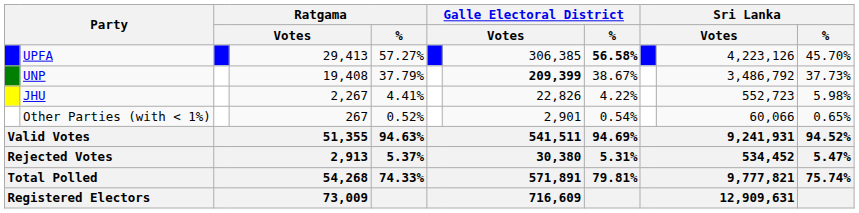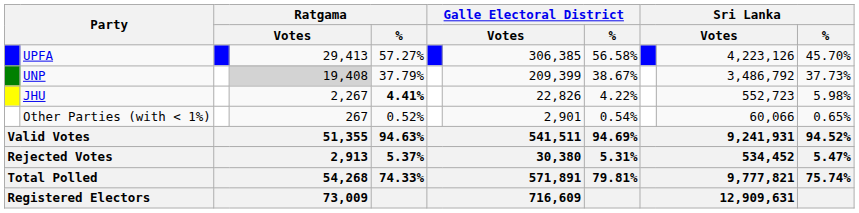 <table class="wikitable">
 <tr>
 <th colspan="2" width="144px"rowspan="2">Party</th>
 <th colspan="3" width="216px">Ratgama</th>
 <th colspan="3" width="216px"><a href='#'>Galle Electoral District</a></th>
 <th colspan="3" width="216px">Sri Lanka</th>
 </tr>
 <tr>
 <th colspan="2" width="144px">Votes</th>
 <th>%</th>
 <th colspan="2" width="144px">Votes</th>
 <th>%</th>
 <th colspan="2" width="144px">Votes</th>
 <th>%</th>
 </tr>
 <tr>
 <td style="background-color:blue;" width="10px"></td>
 <td style="text-align:left;"><a href='#'>UPFA</a></td>
 <td style="background-color:blue;" width="10px"></td>
 <td style="text-align:right;">29,413</td>
 <td style="text-align:right;">57.27%</td>
 <td style="background-color:blue;" width="10px"></td>
 <td style="text-align:right;">306,385</td>
-<td style="text-align:right;"><strong>56.58%</strong></td>
+<td style="text-align:right;">56.58%</td>
 <td style="background-color:blue;" width="10px"></td>
 <td style="text-align:right;">4,223,126</td>
 <td style="text-align:right;">45.70%</td>
 </tr>
 <tr>
 <td style="background-color:green;" width="10px"></td>
 <td style="text-align:left;"><a href='#'>UNP</a></td>
 <td style="background-color:white;" width="10px"></td>
-<td style="text-align:right;">19,408</td>
+<td style="background: lightgrey; text-align:right;">19,408</td>
 <td style="text-align:right;">37.79%</td>
 <td style="background-color:white;" width="10px"></td>
-<td style="text-align:right;"><strong>209,399</strong></td>
+<td style="text-align:right;">209,399</td>
 <td style="text-align:right;">38.67%</td>
 <td style="background-color:white;" width="10px"></td>
 <td style="text-align:right;">3,486,792</td>
 <td style="text-align:right;">37.73%</td>
 </tr>
 <tr>
 <td style="background-color:yellow;" width="10px"></td>
 <td style="text-align:left;"><a href='#'>JHU</a></td>
 <td style="background-color:white;" width="10px"></td>
 <td style="text-align:right;">2,267</td>
-<td style="text-align:right;">4.41%</td>
+<td style="text-align:right;"><strong>4.41%</strong></td>
 <td style="background-color:white;" width="10px"></td>
 <td style="text-align:right;">22,826</td>
 <td style="text-align:right;">4.22%</td>
 <td style="background-color:white;" width="10px"></td>
 <td style="text-align:right;">552,723</td>
 <td style="text-align:right;">5.98%</td>
 </tr>
 <tr>
 <td style="background-color:white;" width="10px"></td>
 <td style="text-align:left;">Other Parties (with < 1%)</td>
 <td style="background-color:white;" width="10px"></td>
 <td style="text-align:right;">267</td>
 <td style="text-align:right;">0.52%</td>
 <td style="background-color:white;" width="10px"></td>
 <td style="text-align:right;">2,901</td>
 <td style="text-align:right;">0.54%</td>
 <td style="background-color:white;" width="10px"></td>
 <td style="text-align:right;">60,066</td>
 <td style="text-align:right;">0.65%</td>
 </tr>
 <tr>
 <th colspan="2" width="144px"style="text-align:left;">Valid Votes</th>
 <th style="text-align:right;"colspan="2" width="144px">51,355</th>
 <th style="text-align:right;">94.63%</th>
 <th style="text-align:right;"colspan="2" width="144px">541,511</th>
 <th style="text-align:right;">94.69%</th>
 <th style="text-align:right;"colspan="2" width="144px">9,241,931</th>
 <th style="text-align:right;">94.52%</th>
 </tr>
 <tr>
 <th colspan="2" width="144px"style="text-align:left;">Rejected Votes</th>
 <th style="text-align:right;"colspan="2" width="144px">2,913</th>
 <th style="text-align:right;">5.37%</th>
 <th style="text-align:right;"colspan="2" width="144px">30,380</th>
 <th style="text-align:right;">5.31%</th>
 <th style="text-align:right;"colspan="2" width="144px">534,452</th>
 <th style="text-align:right;">5.47%</th>
 </tr>
 <tr>
 <th colspan="2" width="144px"style="text-align:left;">Total Polled</th>
 <th style="text-align:right;"colspan="2" width="144px">54,268</th>
 <th style="text-align:right;">74.33%</th>
 <th style="text-align:right;"colspan="2" width="144px">571,891</th>
 <th style="text-align:right;">79.81%</th>
 <th style="text-align:right;"colspan="2" width="144px">9,777,821</th>
 <th style="text-align:right;">75.74%</th>
 </tr>
 <tr>
 <th colspan="2" width="144px"style="text-align:left;">Registered Electors</th>
 <th style="text-align:right;"colspan="2" width="144px">73,009</th>
 <th></th>
 <th style="text-align:right;"colspan="2" width="144px">716,609</th>
 <th></th>
 <th style="text-align:right;"colspan="2" width="144px">12,909,631</th>
 <th></th>
 </tr>
 </table>
